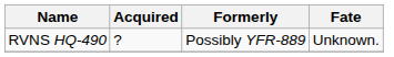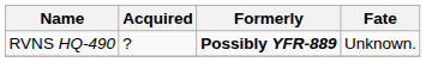 <table class="wikitable" style="font-size:95%;">
 <tr>
 <th>Name</th>
 <th>Acquired</th>
 <th>Formerly</th>
 <th>Fate</th>
 </tr>
 <tr>
 <td>RVNS <em>HQ-490</em></td>
 <td>?</td>
-<td>Possibly <em>YFR-889</em></td>
+<td><strong>Possibly <em>YFR-889</em></strong></td>
 <td>Unknown.</td>
 </tr>
 <tr>
 </tr>
 </table>
